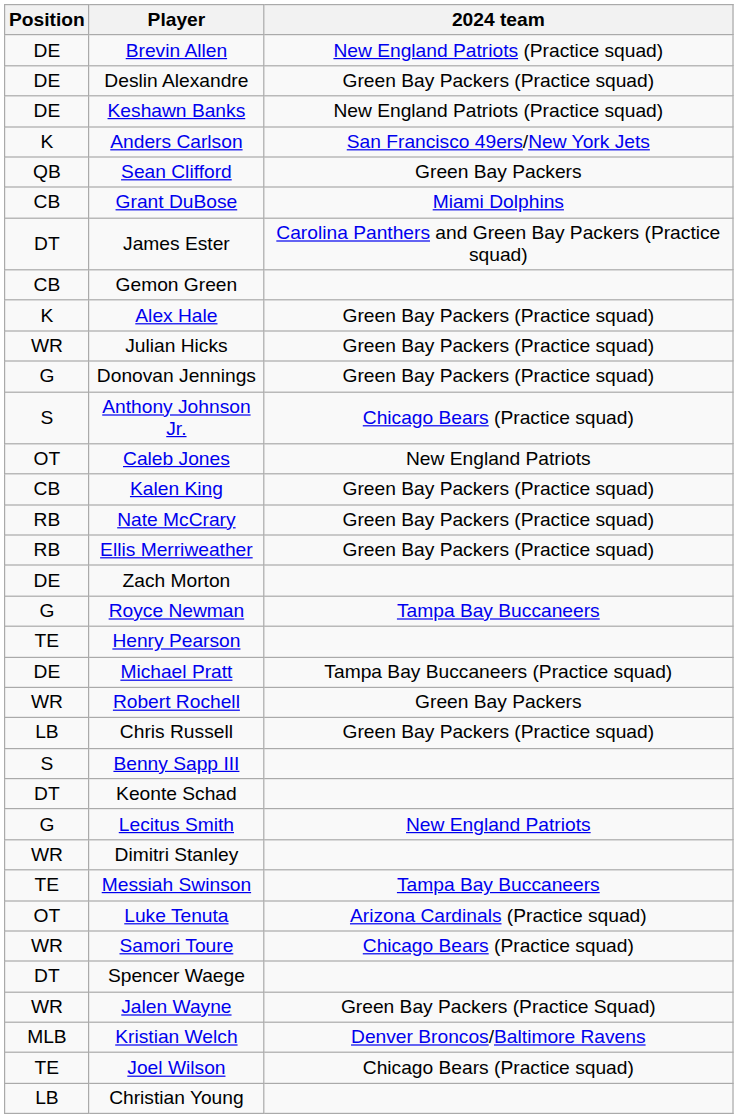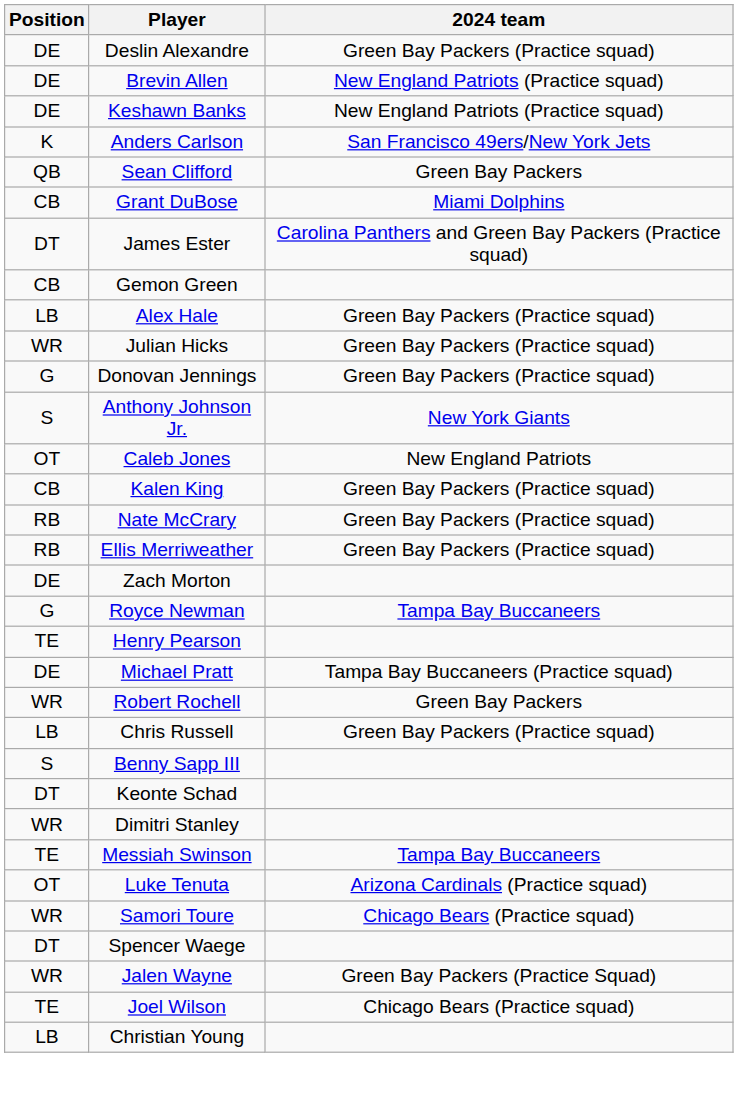 <table class="wikitable" style="text-align:center">
 <tr>
 <th>Position</th>
 <th>Player</th>
 <th>2024 team</th>
 </tr>
 <tr>
 <td>DE</td>
-<td><a href='#'>Brevin Allen</a></td>
-<td><a href='#'>New England Patriots</a> (Practice squad)</td>
+<td>Deslin Alexandre</td>
+<td>Green Bay Packers (Practice squad)</td>
 </tr>
 <tr>
 <td>DE</td>
-<td>Deslin Alexandre</td>
-<td>Green Bay Packers (Practice squad)</td>
+<td><a href='#'>Brevin Allen</a></td>
+<td><a href='#'>New England Patriots</a> (Practice squad)</td>
 </tr>
 <tr>
 <td>DE</td>
 <td><a href='#'>Keshawn Banks</a></td>
 <td>New England Patriots (Practice squad)</td>
 </tr>
 <tr>
 <td>K</td>
 <td><a href='#'>Anders Carlson</a></td>
 <td><a href='#'>San Francisco 49ers</a>/<a href='#'>New York Jets</a></td>
 </tr>
 <tr>
 <td>QB</td>
 <td><a href='#'>Sean Clifford</a></td>
 <td>Green Bay Packers</td>
 </tr>
 <tr>
 <td>CB</td>
 <td><a href='#'>Grant DuBose</a></td>
 <td><a href='#'>Miami Dolphins</a></td>
 </tr>
 <tr>
 <td>DT</td>
 <td>James Ester</td>
 <td><a href='#'>Carolina Panthers</a> and Green Bay Packers (Practice squad)</td>
 </tr>
 <tr>
 <td>CB</td>
 <td>Gemon Green</td>
 <td></td>
 </tr>
 <tr>
-<td>K</td>
+<td>LB</td>
 <td><a href='#'>Alex Hale</a></td>
 <td>Green Bay Packers (Practice squad)</td>
 </tr>
 <tr>
 <td>WR</td>
 <td>Julian Hicks</td>
 <td>Green Bay Packers (Practice squad)</td>
 </tr>
 <tr>
 <td>G</td>
 <td>Donovan Jennings</td>
 <td>Green Bay Packers (Practice squad)</td>
 </tr>
 <tr>
 <td>S</td>
 <td><a href='#'>Anthony Johnson Jr.</a></td>
-<td><a href='#'>Chicago Bears</a> (Practice squad)</td>
+<td><a href='#'>New York Giants</a></td>
 </tr>
 <tr>
 <td>OT</td>
 <td><a href='#'>Caleb Jones</a></td>
 <td>New England Patriots</td>
 </tr>
 <tr>
 <td>CB</td>
 <td><a href='#'>Kalen King</a></td>
 <td>Green Bay Packers (Practice squad)</td>
 </tr>
 <tr>
 <td>RB</td>
 <td><a href='#'>Nate McCrary</a></td>
 <td>Green Bay Packers (Practice squad)</td>
 </tr>
 <tr>
 <td>RB</td>
 <td><a href='#'>Ellis Merriweather</a></td>
 <td>Green Bay Packers (Practice squad)</td>
 </tr>
 <tr>
 <td>DE</td>
 <td>Zach Morton</td>
 <td></td>
 </tr>
 <tr>
 <td>G</td>
 <td><a href='#'>Royce Newman</a></td>
 <td><a href='#'>Tampa Bay Buccaneers</a></td>
 </tr>
 <tr>
 <td>TE</td>
 <td><a href='#'>Henry Pearson</a></td>
 <td></td>
 </tr>
 <tr>
 <td>DE</td>
 <td><a href='#'>Michael Pratt</a></td>
 <td>Tampa Bay Buccaneers (Practice squad)</td>
 </tr>
 <tr>
 <td>WR</td>
 <td><a href='#'>Robert Rochell</a></td>
 <td>Green Bay Packers</td>
 </tr>
 <tr>
 <td>LB</td>
 <td>Chris Russell</td>
 <td>Green Bay Packers (Practice squad)</td>
 </tr>
 <tr>
 <td>S</td>
 <td><a href='#'>Benny Sapp III</a></td>
 <td></td>
 </tr>
 <tr>
 <td>DT</td>
 <td>Keonte Schad</td>
 <td></td>
 </tr>
 <tr>
-<td>G</td>
-<td><a href='#'>Lecitus Smith</a></td>
-<td><a href='#'>New England Patriots</a></td>
-</tr>
-<tr>
 <td>WR</td>
 <td>Dimitri Stanley</td>
 <td></td>
 </tr>
 <tr>
 <td>TE</td>
 <td><a href='#'>Messiah Swinson</a></td>
 <td><a href='#'>Tampa Bay Buccaneers</a></td>
 </tr>
 <tr>
 <td>OT</td>
 <td><a href='#'>Luke Tenuta</a></td>
 <td><a href='#'>Arizona Cardinals</a> (Practice squad)</td>
 </tr>
 <tr>
 <td>WR</td>
 <td><a href='#'>Samori Toure</a></td>
 <td><a href='#'>Chicago Bears</a> (Practice squad)</td>
 </tr>
 <tr>
 <td>DT</td>
 <td>Spencer Waege</td>
 <td></td>
 </tr>
 <tr>
 <td>WR</td>
 <td><a href='#'>Jalen Wayne</a></td>
 <td>Green Bay Packers (Practice Squad)</td>
 </tr>
 <tr>
-<td>MLB</td>
-<td><a href='#'>Kristian Welch</a></td>
-<td><a href='#'>Denver Broncos</a>/<a href='#'>Baltimore Ravens</a></td>
-</tr>
-<tr>
 <td>TE</td>
 <td><a href='#'>Joel Wilson</a></td>
 <td>Chicago Bears (Practice squad)</td>
 </tr>
 <tr>
 <td>LB</td>
 <td>Christian Young</td>
 <td></td>
 </tr>
 </table>
